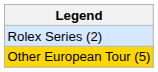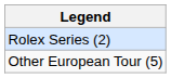 <table class="wikitable" style="font-size:95%;">
 <tr>
 <th>Legend</th>
 </tr>
 <tr style="background:#D6E8FF;">
 <td>Rolex Series (2)</td>
 </tr>
 <tr>
-<td style="background: gold;">Other European Tour (5)</td>
+<td>Other European Tour (5)</td>
 </tr>
 </table>
